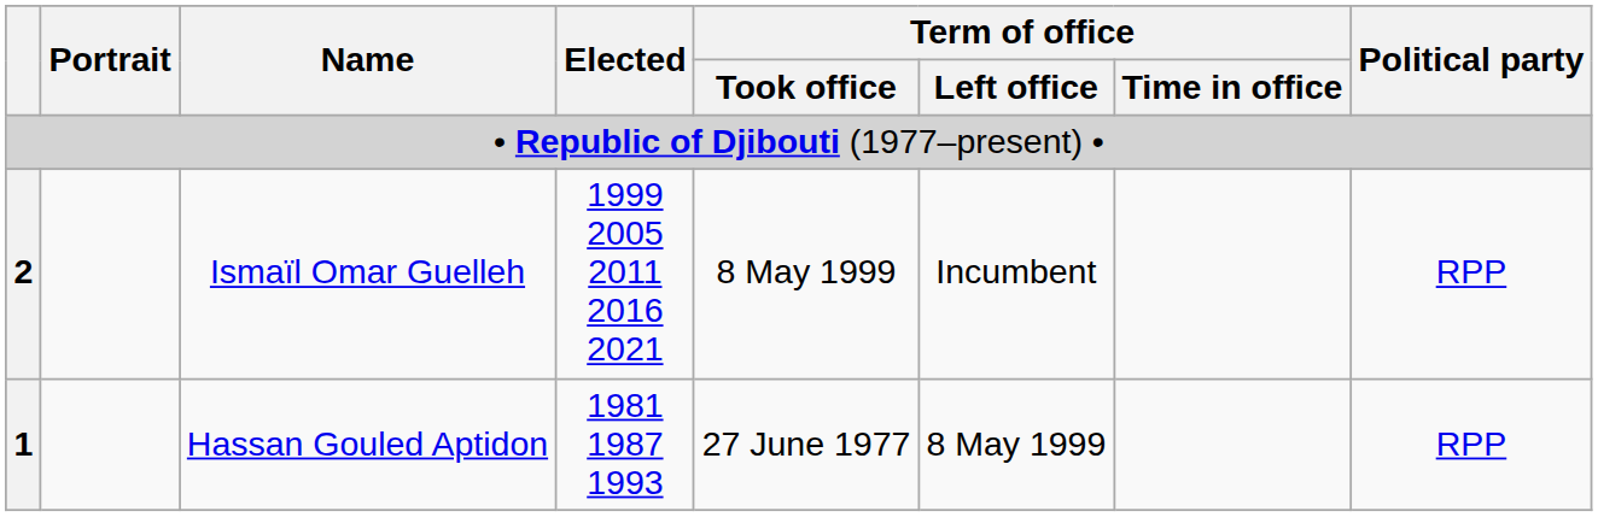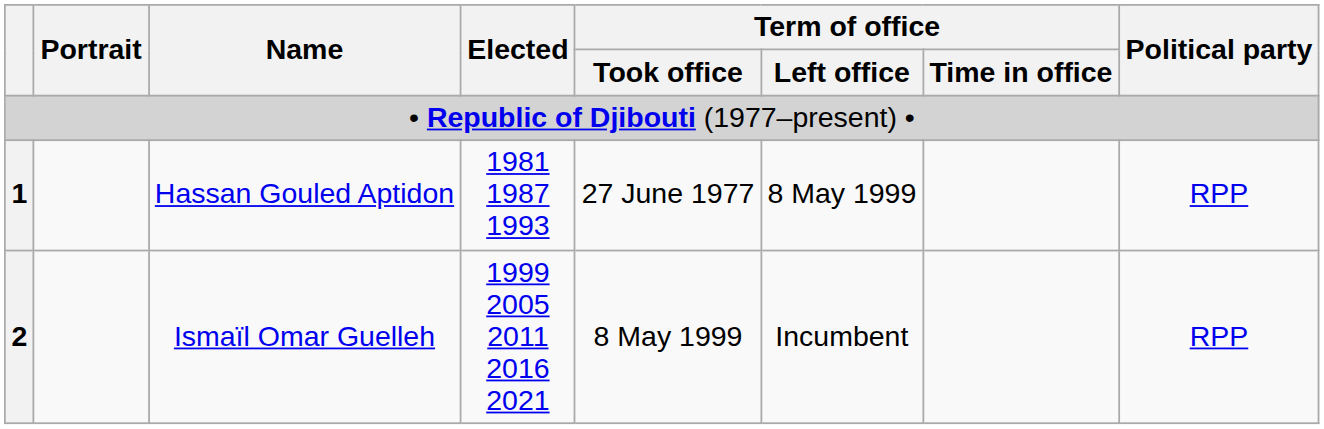 <table class="wikitable" style="text-align:center">
 <tr>
 <th rowspan="2"></th>
 <th rowspan="2">Portrait</th>
 <th rowspan="2">Name<br></th>
 <th rowspan="2">Elected</th>
 <th colspan="3">Term of office</th>
 <th rowspan="2">Political party<br></th>
 </tr>
 <tr>
 <th>Took office</th>
 <th>Left office</th>
 <th>Time in office</th>
 </tr>
 <tr>
 <td colspan="8" bgcolor="lightgrey"> • <strong><a href='#'>Republic of Djibouti</a></strong> (1977–present) • </td>
 </tr>
 <tr>
+<th style="background:">1</th>
+<td></td>
+<td><a href='#'>Hassan Gouled Aptidon</a><br></td>
+<td><a href='#'>1981</a><br><a href='#'>1987</a><br><a href='#'>1993</a></td>
+<td>27 June 1977</td>
+<td>8 May 1999</td>
+<td></td>
+<td><a href='#'>RPP</a></td>
+</tr>
+<tr>
 <th style="background:">2</th>
 <td></td>
 <td><a href='#'>Ismaïl Omar Guelleh</a><br></td>
 <td><a href='#'>1999</a><br><a href='#'>2005</a><br><a href='#'>2011</a><br><a href='#'>2016</a><br><a href='#'>2021</a></td>
 <td>8 May 1999</td>
 <td>Incumbent</td>
 <td></td>
 <td><a href='#'>RPP</a><br></td>
 </tr>
-<tr>
-<th style="background:">1</th>
-<td></td>
-<td><a href='#'>Hassan Gouled Aptidon</a><br></td>
-<td><a href='#'>1981</a><br><a href='#'>1987</a><br><a href='#'>1993</a></td>
-<td>27 June 1977</td>
-<td>8 May 1999</td>
-<td></td>
-<td><a href='#'>RPP</a></td>
-</tr>
 </table>
